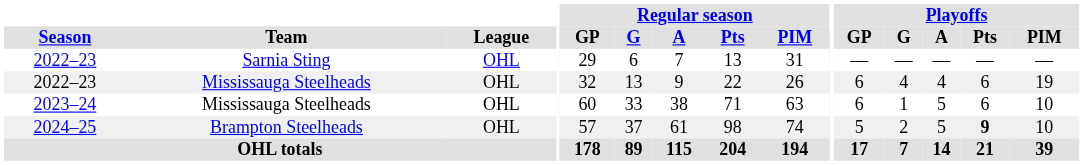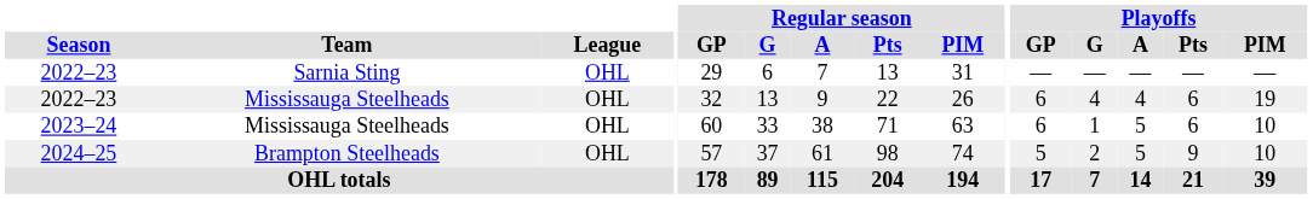 <table border="0" cellpadding="1" cellspacing="0" style="text-align:center; width:60em">
 <tr bgcolor="#e0e0e0">
 <th colspan="3" bgcolor="#ffffff"></th>
 <th rowspan="99" bgcolor="#ffffff"></th>
 <th colspan="5"><a href='#'>Regular season</a></th>
 <th rowspan="99" bgcolor="#ffffff"></th>
 <th colspan="5"><a href='#'>Playoffs</a></th>
 </tr>
 <tr bgcolor="#e0e0e0">
 <th><a href='#'>Season</a></th>
 <th>Team</th>
 <th>League</th>
 <th>GP</th>
 <th><a href='#'>G</a></th>
 <th><a href='#'>A</a></th>
 <th><a href='#'>Pts</a></th>
 <th><a href='#'>PIM</a></th>
 <th>GP</th>
 <th>G</th>
 <th>A</th>
 <th>Pts</th>
 <th>PIM</th>
 </tr>
 <tr>
 <td><a href='#'>2022–23</a></td>
 <td><a href='#'>Sarnia Sting</a></td>
 <td><a href='#'>OHL</a></td>
 <td>29</td>
 <td>6</td>
 <td>7</td>
 <td>13</td>
 <td>31</td>
 <td>—</td>
 <td>—</td>
 <td>—</td>
 <td>—</td>
 <td>—</td>
 </tr>
 <tr bgcolor="#f0f0f0">
 <td>2022–23</td>
 <td><a href='#'>Mississauga Steelheads</a></td>
 <td>OHL</td>
 <td>32</td>
 <td>13</td>
 <td>9</td>
 <td>22</td>
 <td>26</td>
 <td>6</td>
 <td>4</td>
 <td>4</td>
 <td>6</td>
 <td>19</td>
 </tr>
 <tr>
 <td><a href='#'>2023–24</a></td>
 <td>Mississauga Steelheads</td>
 <td>OHL</td>
 <td>60</td>
 <td>33</td>
 <td>38</td>
 <td>71</td>
 <td>63</td>
 <td>6</td>
 <td>1</td>
 <td>5</td>
 <td>6</td>
 <td>10</td>
 </tr>
 <tr bgcolor="#f0f0f0">
 <td><a href='#'>2024–25</a></td>
 <td><a href='#'>Brampton Steelheads</a></td>
 <td>OHL</td>
 <td>57</td>
 <td>37</td>
 <td>61</td>
 <td>98</td>
 <td>74</td>
 <td>5</td>
 <td>2</td>
 <td>5</td>
-<td><strong>9</strong></td>
+<td>9</td>
 <td>10</td>
 </tr>
 <tr bgcolor="#e0e0e0">
 <th colspan="3">OHL totals</th>
 <th>178</th>
 <th>89</th>
 <th>115</th>
 <th>204</th>
 <th>194</th>
 <th>17</th>
 <th>7</th>
 <th>14</th>
 <th>21</th>
 <th>39</th>
 </tr>
 </table>
